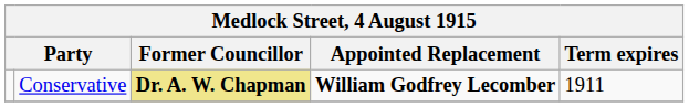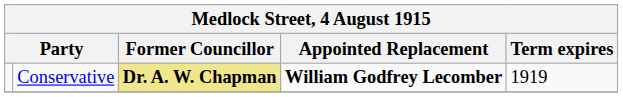 <table class="wikitable">
 <tr>
 <th colspan="5"><strong>Medlock Street, 4 August 1915</strong></th>
 </tr>
 <tr>
 <th colspan="2">Party</th>
 <th>Former Councillor</th>
 <th>Appointed Replacement</th>
 <th>Term expires</th>
 </tr>
 <tr>
 <td style="background-color:"></td>
 <td><a href='#'>Conservative</a></td>
 <td style="background: khaki;"><strong>Dr. A. W. Chapman</strong></td>
 <td><strong>William Godfrey Lecomber</strong></td>
-<td>1911</td>
+<td>1919</td>
 </tr>
 <tr>
 </tr>
 </table>
